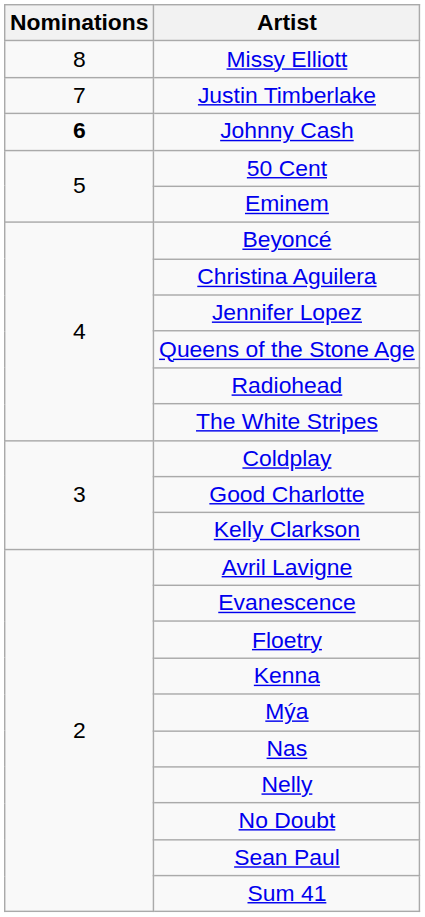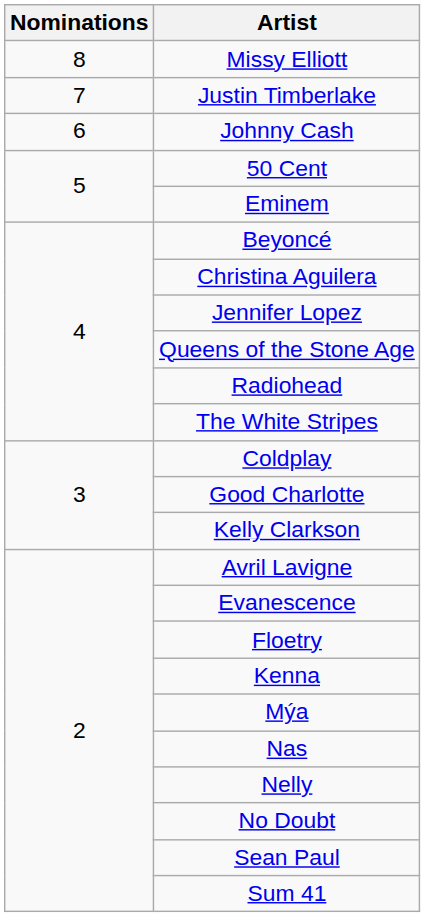 <table class="wikitable" rowspan="2" style="text-align:center">
 <tr>
 <th scope="col" style="width:55px;">Nominations</th>
 <th scope="col" style="text-align:center;">Artist</th>
 </tr>
 <tr>
 <td style="text-align:center">8</td>
 <td><a href='#'>Missy Elliott</a></td>
 </tr>
 <tr>
 <td style="text-align:center">7</td>
 <td><a href='#'>Justin Timberlake</a></td>
 </tr>
 <tr>
-<td style="text-align:center"><strong>6</strong></td>
+<td style="text-align:center">6</td>
 <td><a href='#'>Johnny Cash</a></td>
 </tr>
 <tr>
 <td rowspan="2" style="text-align:center">5</td>
 <td><a href='#'>50 Cent</a></td>
 </tr>
 <tr>
 <td><a href='#'>Eminem</a></td>
 </tr>
 <tr>
 <td rowspan="6" style="text-align:center">4</td>
 <td><a href='#'>Beyoncé</a></td>
 </tr>
 <tr>
 <td><a href='#'>Christina Aguilera</a></td>
 </tr>
 <tr>
 <td><a href='#'>Jennifer Lopez</a></td>
 </tr>
 <tr>
 <td><a href='#'>Queens of the Stone Age</a></td>
 </tr>
 <tr>
 <td><a href='#'>Radiohead</a></td>
 </tr>
 <tr>
 <td><a href='#'>The White Stripes</a></td>
 </tr>
 <tr>
 <td rowspan="3" style="text-align:center">3</td>
 <td><a href='#'>Coldplay</a></td>
 </tr>
 <tr>
 <td><a href='#'>Good Charlotte</a></td>
 </tr>
 <tr>
 <td><a href='#'>Kelly Clarkson</a></td>
 </tr>
 <tr>
 <td rowspan="10" style="text-align:center">2</td>
 <td><a href='#'>Avril Lavigne</a></td>
 </tr>
 <tr>
 <td><a href='#'>Evanescence</a></td>
 </tr>
 <tr>
 <td><a href='#'>Floetry</a></td>
 </tr>
 <tr>
 <td><a href='#'>Kenna</a></td>
 </tr>
 <tr>
 <td><a href='#'>Mýa</a></td>
 </tr>
 <tr>
 <td><a href='#'>Nas</a></td>
 </tr>
 <tr>
 <td><a href='#'>Nelly</a></td>
 </tr>
 <tr>
 <td><a href='#'>No Doubt</a></td>
 </tr>
 <tr>
 <td><a href='#'>Sean Paul</a></td>
 </tr>
 <tr>
 <td><a href='#'>Sum 41</a></td>
 </tr>
 </table>
